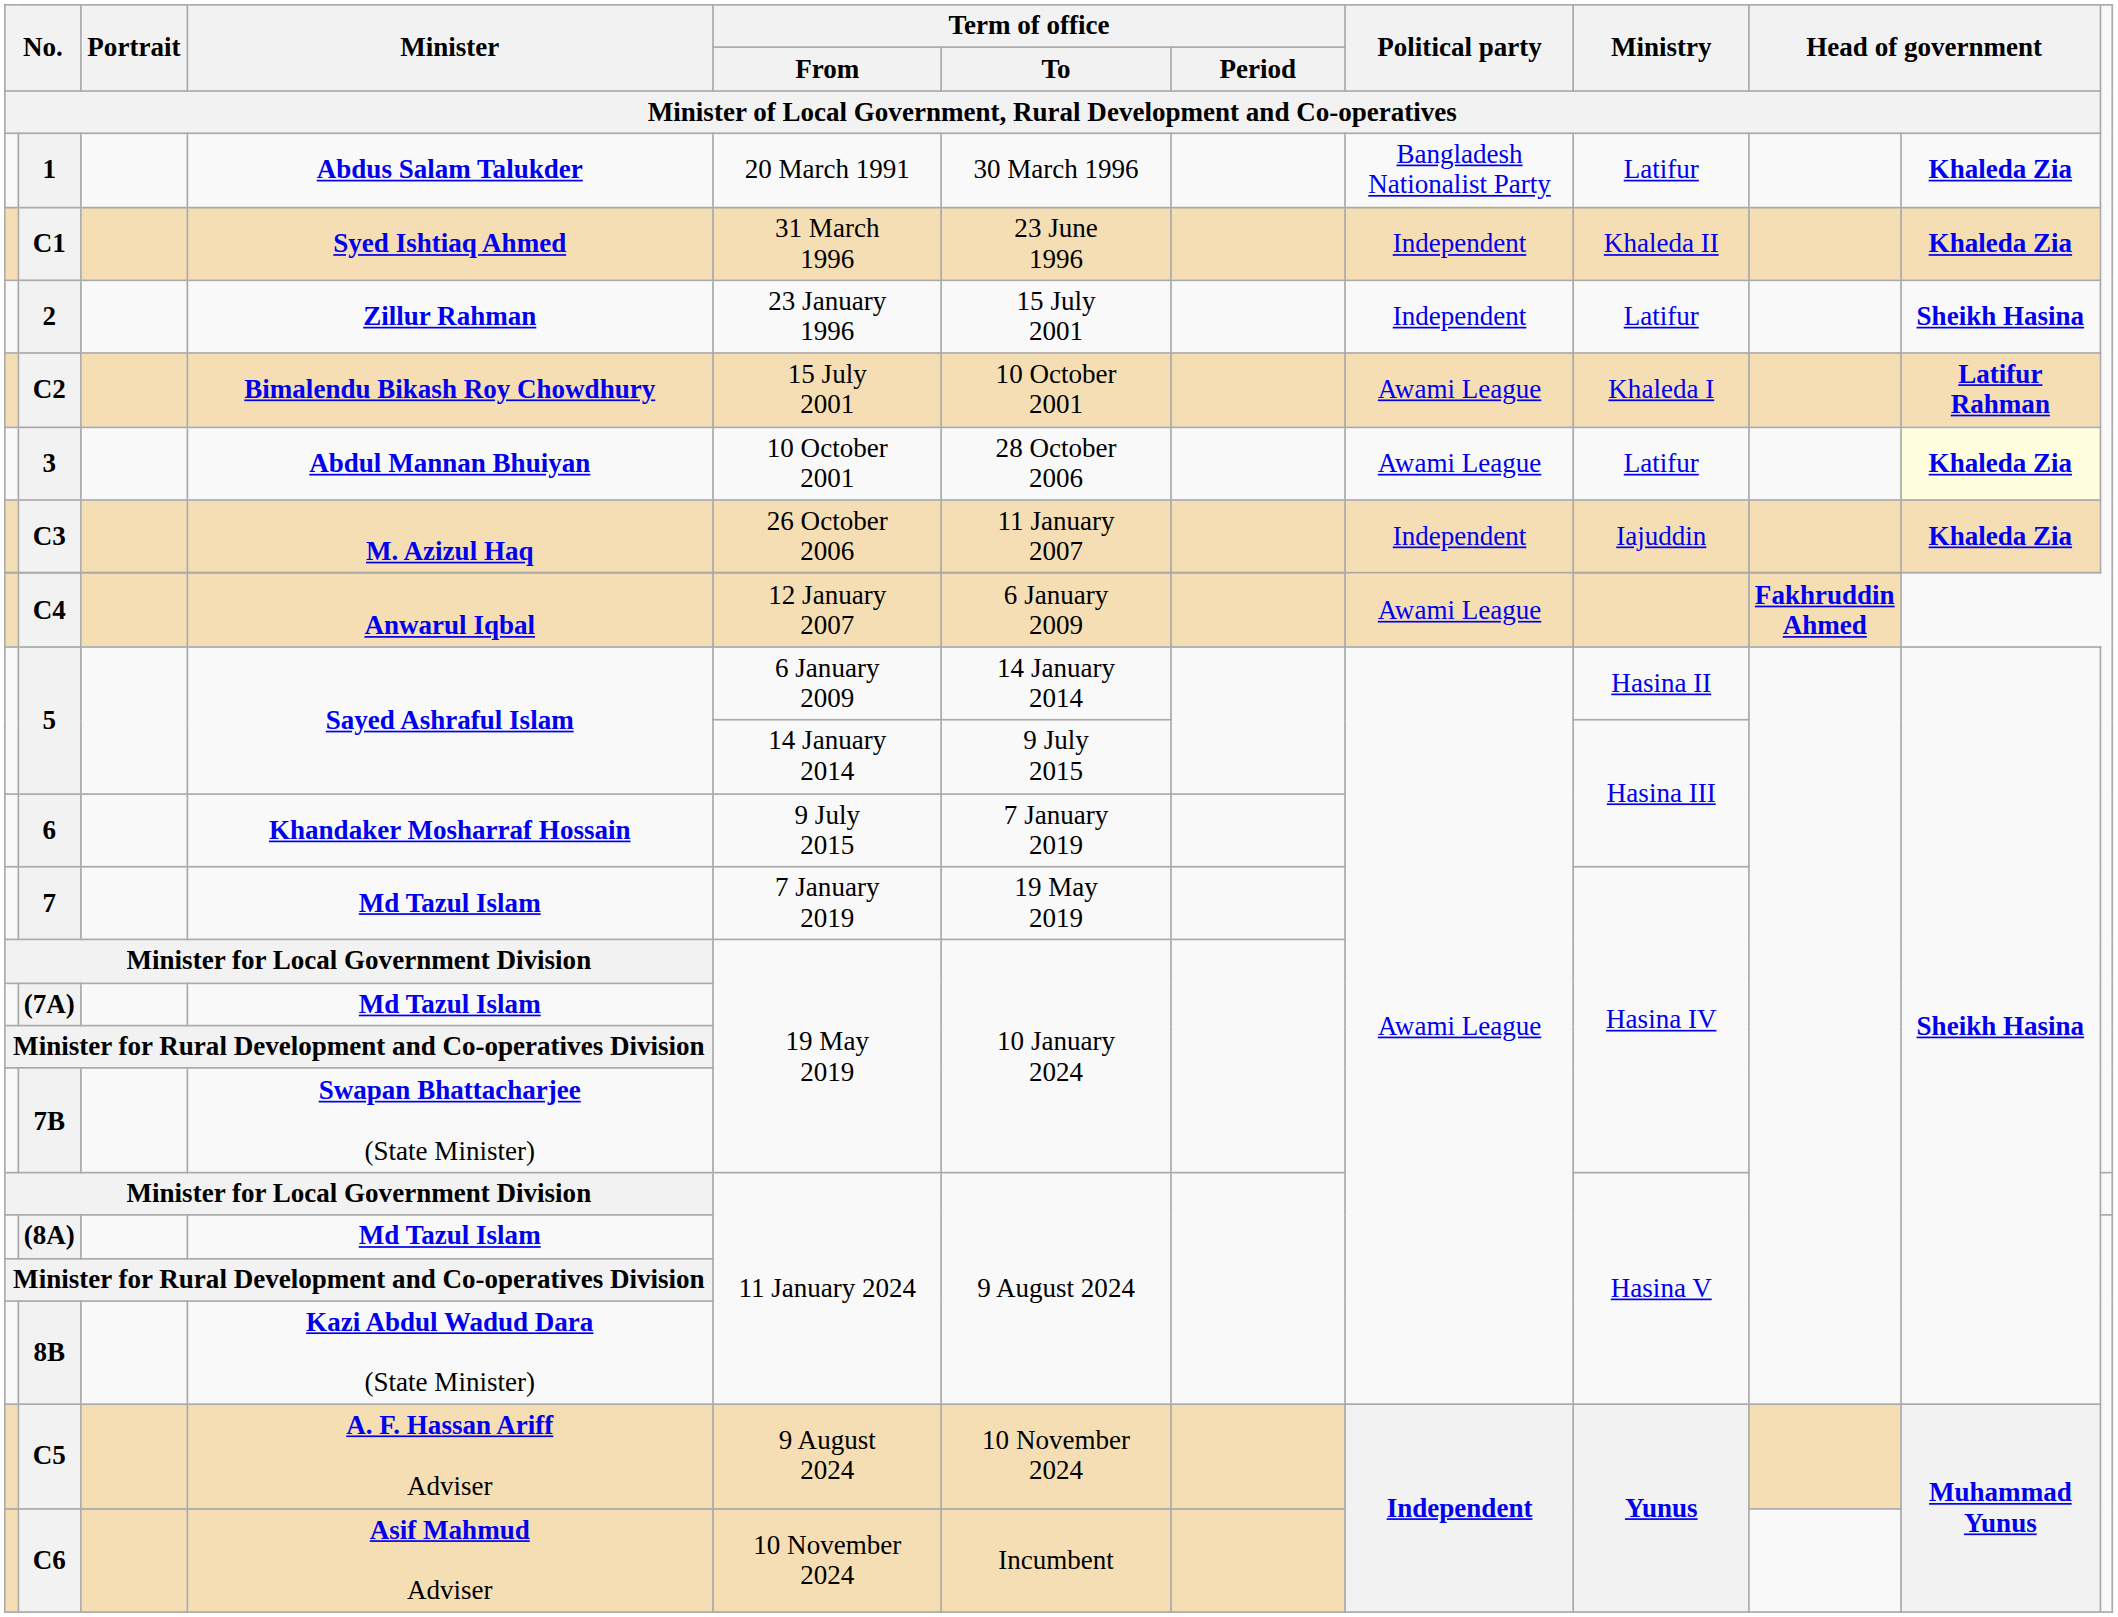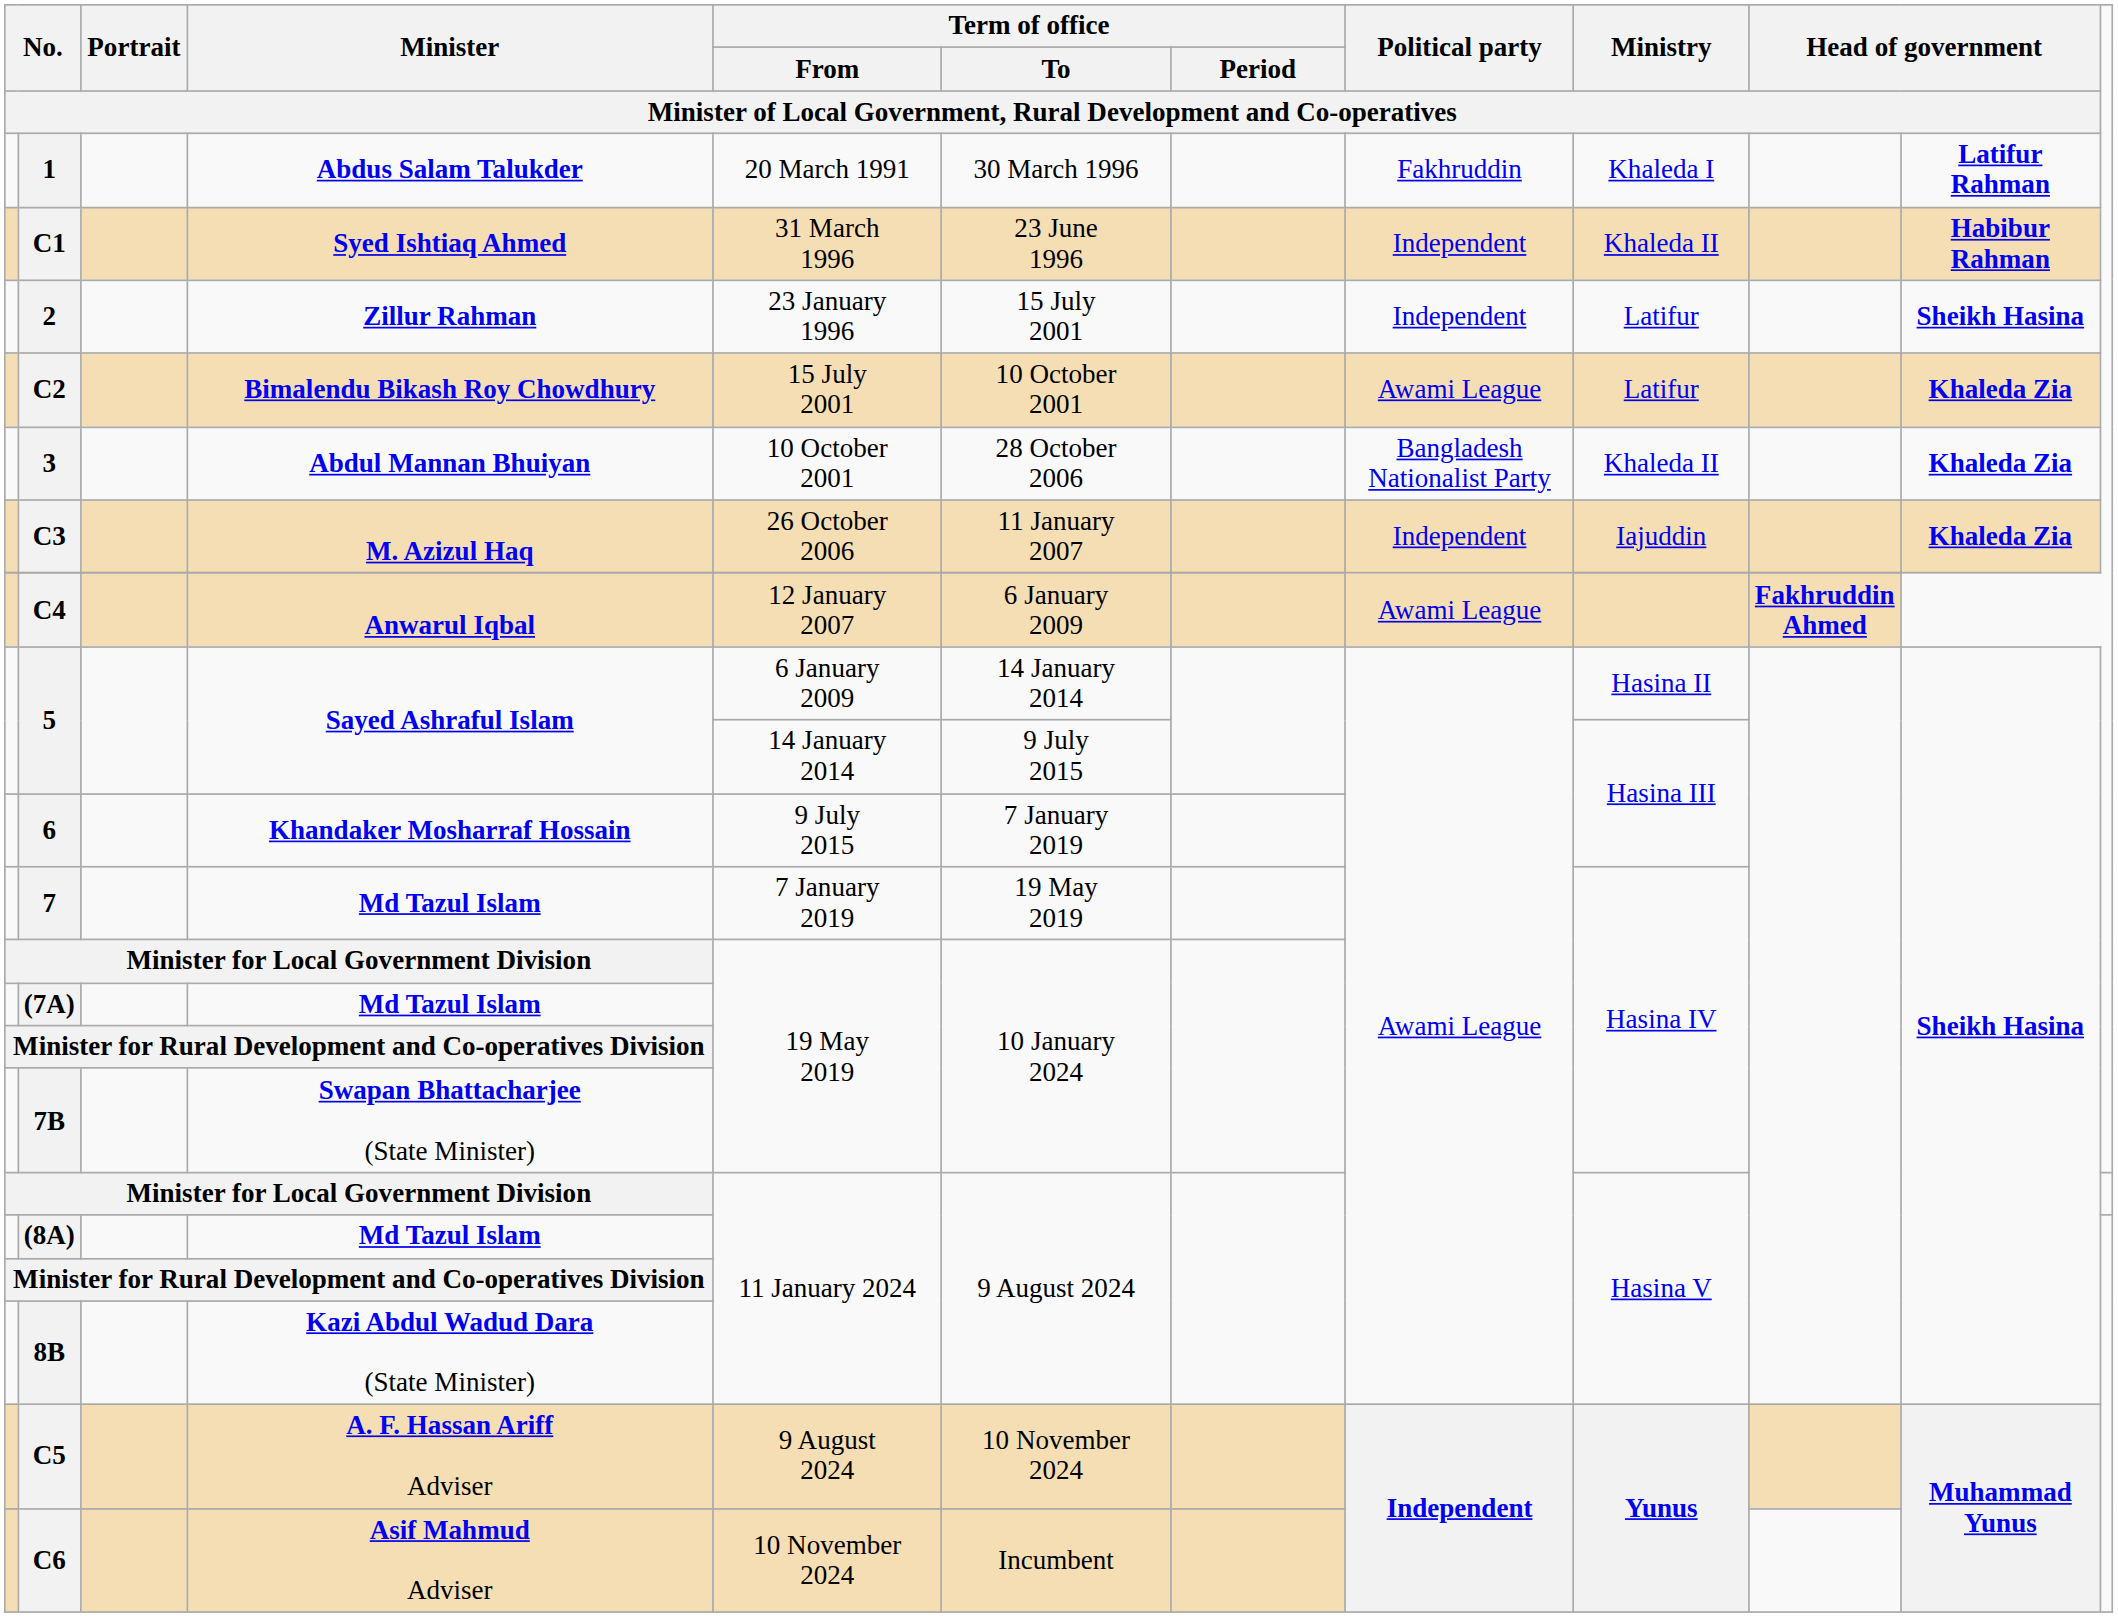 <table class="wikitable" style="text-align:center">
 <tr>
 <th colspan="2" rowspan="2">No.</th>
 <th rowspan="2">Portrait</th>
 <th rowspan="2" style="width:19em">Minister<br></th>
 <th colspan="3">Term of office</th>
 <th rowspan="2" style="width:8em">Political party</th>
 <th rowspan="2" style="width:6em">Ministry</th>
 <th colspan="2" rowspan="2" style="width:9em">Head of government</th>
 </tr>
 <tr>
 <th style="width:8em">From</th>
 <th style="width:8em">To</th>
 <th style="width:6em">Period</th>
 </tr>
 <tr>
 <th colspan="11">Minister of Local Government, Rural Development and Co-operatives</th>
 </tr>
 <tr>
 <td></td>
 <th>1</th>
 <td></td>
 <td><strong><a href='#'>Abdus Salam Talukder</a></strong><br></td>
 <td>20 March 1991</td>
 <td>30 March 1996</td>
 <td><strong></strong></td>
-<td><a href='#'>Bangladesh Nationalist Party</a></td>
-<td><a href='#'>Latifur</a><br></td>
+<td><a href='#'>Fakhruddin</a><br></td>
+<td><a href='#'>Khaleda I</a></td>
 <td></td>
-<td><strong><a href='#'>Khaleda Zia</a></strong></td>
+<td><strong><a href='#'>Latifur Rahman</a></strong><br></td>
 </tr>
 <tr bgcolor="wheat">
 <td></td>
 <th>C1</th>
 <td></td>
 <td><strong><a href='#'>Syed Ishtiaq Ahmed</a></strong><br></td>
 <td>31 March<br>1996</td>
 <td>23 June<br>1996</td>
 <td><strong></strong></td>
 <td><a href='#'>Independent</a></td>
 <td><a href='#'>Khaleda II</a></td>
 <td></td>
-<td><strong><a href='#'>Khaleda Zia</a></strong></td>
+<td><strong><a href='#'>Habibur Rahman</a></strong><br></td>
 </tr>
 <tr>
 <td></td>
 <th>2</th>
 <td></td>
 <td><strong><a href='#'>Zillur Rahman</a></strong><br></td>
 <td>23 January<br>1996</td>
 <td>15 July<br>2001</td>
 <td><strong></strong></td>
 <td><a href='#'>Independent</a></td>
 <td><a href='#'>Latifur</a><br></td>
 <td></td>
 <td><strong><a href='#'>Sheikh Hasina</a></strong></td>
 </tr>
 <tr bgcolor="wheat">
 <td></td>
 <th>C2</th>
 <td></td>
 <td><strong><a href='#'>Bimalendu Bikash Roy Chowdhury</a></strong><br></td>
 <td>15 July<br>2001</td>
 <td>10 October<br>2001</td>
 <td><strong></strong></td>
 <td><a href='#'>Awami League</a></td>
-<td><a href='#'>Khaleda I</a></td>
+<td><a href='#'>Latifur</a><br></td>
 <td></td>
-<td><strong><a href='#'>Latifur Rahman</a></strong><br></td>
+<td><strong><a href='#'>Khaleda Zia</a></strong></td>
 </tr>
 <tr>
 <td></td>
 <th>3</th>
 <td></td>
 <td><strong><a href='#'>Abdul Mannan Bhuiyan</a></strong><br></td>
 <td>10 October<br>2001</td>
 <td>28 October<br>2006</td>
 <td><strong></strong></td>
-<td><a href='#'>Awami League</a></td>
-<td><a href='#'>Latifur</a><br></td>
+<td><a href='#'>Bangladesh Nationalist Party</a></td>
+<td><a href='#'>Khaleda II</a></td>
 <td></td>
-<td style="background: lightyellow;"><strong><a href='#'>Khaleda Zia</a></strong></td>
+<td><strong><a href='#'>Khaleda Zia</a></strong></td>
 </tr>
 <tr bgcolor="wheat">
 <td></td>
 <th>C3</th>
 <td></td>
 <td><br><strong><a href='#'>M. Azizul Haq</a></strong><br></td>
 <td>26 October<br>2006</td>
 <td>11 January<br>2007</td>
 <td><strong></strong></td>
 <td rowspan="2"><a href='#'>Independent</a></td>
 <td><a href='#'>Iajuddin</a><br></td>
 <td></td>
 <td><strong><a href='#'>Khaleda Zia</a></strong></td>
 </tr>
 <tr>
 </tr>
 <tr bgcolor="wheat">
 <td></td>
 <th>C4</th>
 <td></td>
 <td><br><strong><a href='#'>Anwarul Iqbal</a></strong><br></td>
 <td>12 January<br>2007</td>
 <td>6 January<br>2009</td>
 <td><strong></strong></td>
 <td><a href='#'>Awami League</a></td>
 <td></td>
 <td><strong><a href='#'>Fakhruddin Ahmed</a></strong><br></td>
 </tr>
 <tr>
 <td rowspan="2" style="width:0.01em"></td>
 <th rowspan="2">5</th>
 <td rowspan="2"></td>
 <td rowspan="2"><strong><a href='#'>Sayed Ashraful Islam</a></strong><br></td>
 <td>6 January<br>2009</td>
 <td>14 January<br>2014</td>
 <td rowspan="2"><strong></strong></td>
 <td rowspan="12"><a href='#'>Awami League</a></td>
 <td><a href='#'>Hasina II</a></td>
 <td rowspan="12" style="width:0.01em"></td>
 <td rowspan="12"><strong><a href='#'>Sheikh Hasina</a></strong></td>
 </tr>
 <tr>
 <td>14 January<br>2014</td>
 <td>9 July<br>2015</td>
 <td rowspan="2"><a href='#'>Hasina III</a></td>
 </tr>
 <tr>
 <td></td>
 <th>6</th>
 <td></td>
 <td><strong><a href='#'>Khandaker Mosharraf Hossain</a></strong><br></td>
 <td>9 July<br>2015</td>
 <td>7 January<br>2019</td>
 <td><strong></strong></td>
 </tr>
 <tr>
 <td></td>
 <th>7</th>
 <td></td>
 <td><strong><a href='#'>Md Tazul Islam</a></strong><br></td>
 <td>7 January<br>2019</td>
 <td>19 May<br>2019</td>
 <td><strong></strong></td>
 <td rowspan="5"><a href='#'>Hasina IV</a></td>
 </tr>
 <tr>
 <th colspan="4">Minister for Local Government Division</th>
 <td rowspan="4">19 May<br>2019</td>
 <td rowspan="4">10 January<br>2024</td>
 <td rowspan="4"><strong></strong></td>
 </tr>
 <tr>
 <td></td>
 <th>(7A)</th>
 <td></td>
 <td><strong><a href='#'>Md Tazul Islam</a></strong><br></td>
 </tr>
 <tr>
 <th colspan="4">Minister for Rural Development and Co-operatives Division</th>
 </tr>
 <tr>
 <td></td>
 <th>7B</th>
 <td></td>
 <td><strong><a href='#'>Swapan Bhattacharjee</a></strong><br><br>(State Minister)</td>
 </tr>
 <tr>
 <th colspan="4">Minister for Local Government Division</th>
 <td rowspan="4">11 January 2024</td>
 <td rowspan="4">9 August 2024</td>
 <td rowspan="4"><strong></strong></td>
 <td rowspan="4"><a href='#'>Hasina V</a></td>
 <td></td>
 </tr>
 <tr>
 <td></td>
 <th>(8A)</th>
 <td></td>
 <td><strong><a href='#'>Md Tazul Islam</a></strong><br></td>
 </tr>
 <tr>
 <th colspan="4">Minister for Rural Development and Co-operatives Division</th>
 </tr>
 <tr>
 <td></td>
 <th>8B</th>
 <td></td>
 <td><strong><a href='#'>Kazi Abdul Wadud Dara</a></strong><br><br>(State Minister)</td>
 </tr>
 <tr bgcolor="wheat">
 <td></td>
 <th>C5</th>
 <td></td>
 <td><strong><a href='#'>A. F. Hassan Ariff</a></strong><br><br>Adviser</td>
 <td>9 August<br>2024</td>
 <td>10 November<br>2024</td>
 <td><strong></strong></td>
 <th rowspan="2"><a href='#'>Independent</a></th>
 <th rowspan="2"><a href='#'>Yunus</a></th>
 <td></td>
 <th rowspan="2"><strong><a href='#'>Muhammad Yunus</a></strong></th>
 </tr>
 <tr bgcolor="wheat">
 <td></td>
 <th>C6</th>
 <td></td>
 <td><strong><a href='#'>Asif Mahmud</a></strong><br><br>Adviser</td>
 <td>10 November<br>2024</td>
 <td>Incumbent</td>
 <td><strong></strong></td>
 </tr>
 </table>
